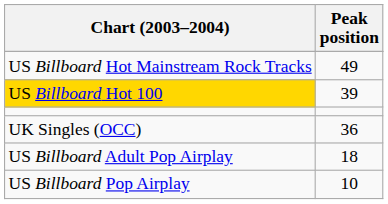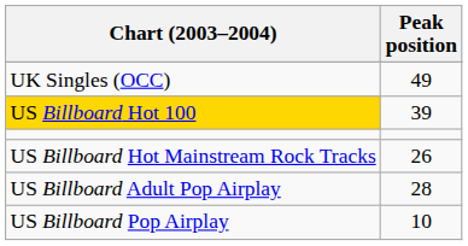 <table class="wikitable sortable">
 <tr>
 <th>Chart (2003–2004)</th>
 <th style="text-align:center;">Peak<br>position</th>
 </tr>
 <tr>
 </tr>
 <tr>
 </tr>
 <tr>
 </tr>
 <tr>
 </tr>
 <tr>
-<td>US <em>Billboard</em> <a href='#'>Hot Mainstream Rock Tracks</a></td>
+<td>UK Singles (<a href='#'>OCC</a>)</td>
 <td style="text-align:center;">49</td>
 </tr>
 <tr>
 <td style="background: gold;">US <a href='#'><em>Billboard</em> Hot 100</a></td>
 <td style="text-align:center;">39</td>
 </tr>
 <tr>
 <td></td>
 </tr>
 <tr>
-<td>UK Singles (<a href='#'>OCC</a>)</td>
-<td style="text-align:center;">36</td>
+<td>US <em>Billboard</em> <a href='#'>Hot Mainstream Rock Tracks</a></td>
+<td style="text-align:center;">26</td>
 </tr>
 <tr>
 <td>US <em>Billboard</em> <a href='#'>Adult Pop Airplay</a></td>
-<td style="text-align:center;">18</td>
+<td style="text-align:center;">28</td>
 </tr>
 <tr>
 <td>US <em>Billboard</em> <a href='#'>Pop Airplay</a></td>
 <td style="text-align:center;">10</td>
 </tr>
 </table>
